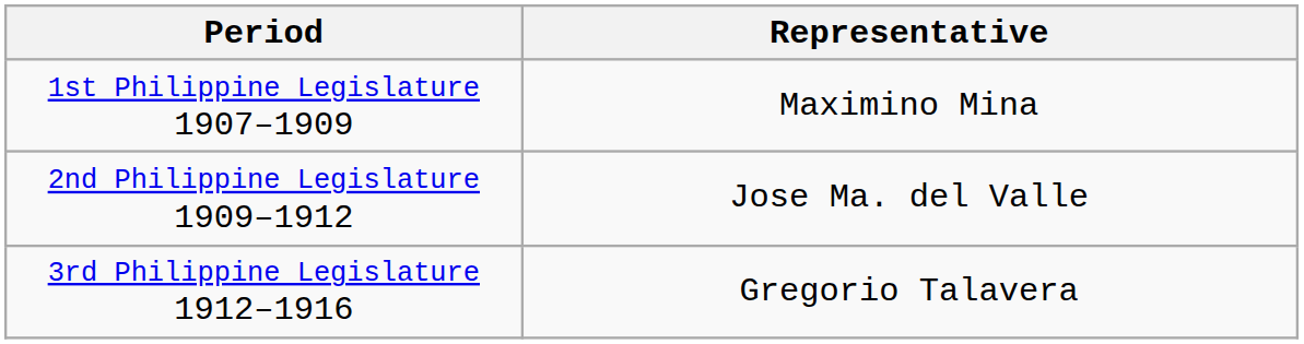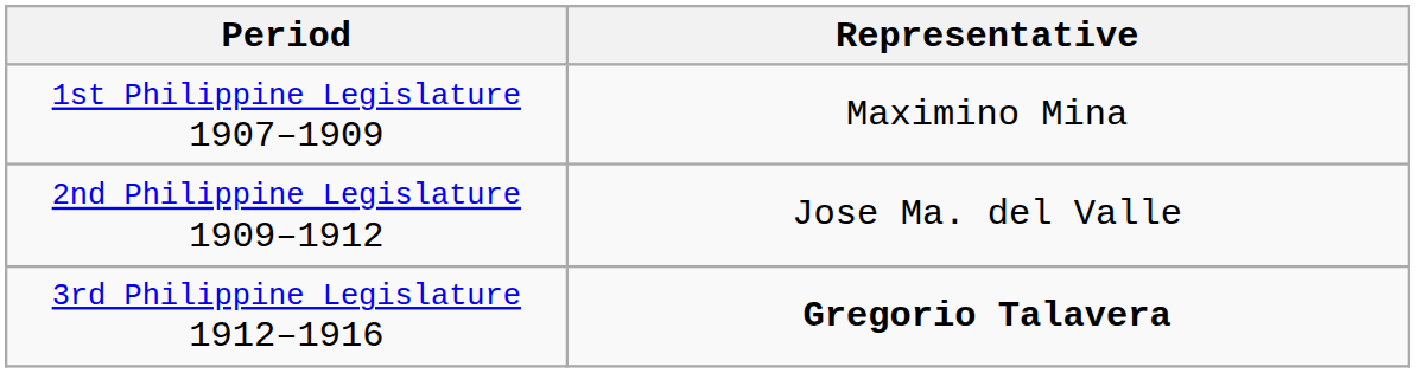 <table class="wikitable" style="text-align:center; width:40%;">
 <tr>
 <th width="40%">Period</th>
 <th>Representative</th>
 </tr>
 <tr>
 <td><small><a href='#'>1st Philippine Legislature</a></small><br>1907–1909</td>
 <td>Maximino Mina</td>
 </tr>
 <tr>
 <td><small><a href='#'>2nd Philippine Legislature</a></small><br>1909–1912</td>
 <td>Jose Ma. del Valle</td>
 </tr>
 <tr>
 <td><small><a href='#'>3rd Philippine Legislature</a></small><br>1912–1916</td>
-<td>Gregorio Talavera</td>
+<td><strong>Gregorio Talavera</strong></td>
 </tr>
 </table>
